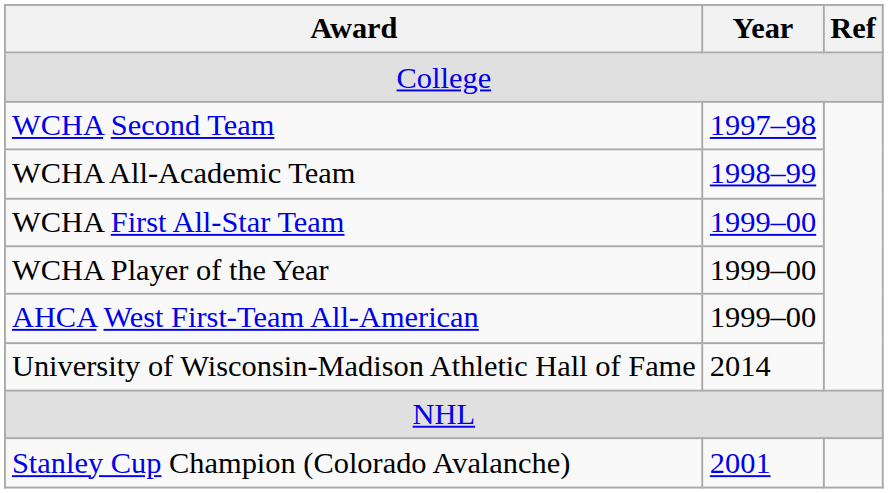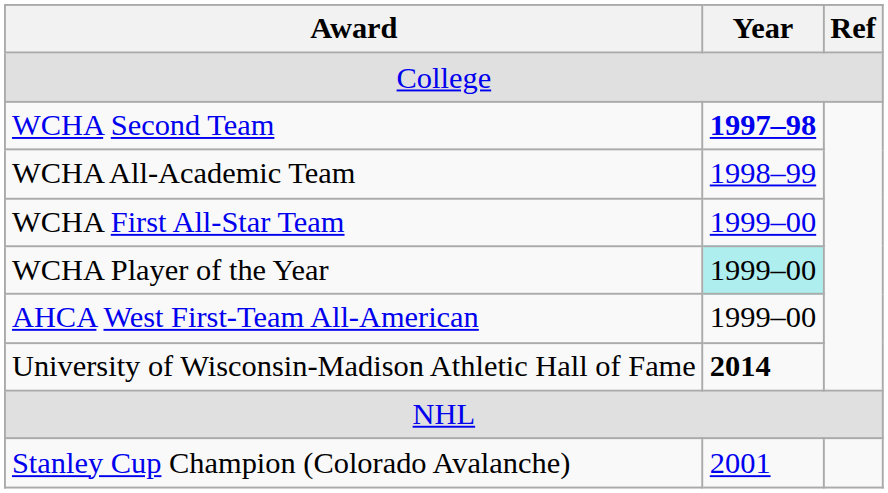 <table class="wikitable">
 <tr>
 <th>Award</th>
 <th>Year</th>
 <th>Ref</th>
 </tr>
 <tr ALIGN="center" bgcolor="#e0e0e0">
 <td colspan="3"><a href='#'>College</a></td>
 </tr>
 <tr>
 <td><a href='#'>WCHA</a> <a href='#'>Second Team</a></td>
-<td><a href='#'>1997–98</a></td>
+<td><strong><a href='#'>1997–98</a></strong></td>
 </tr>
 <tr>
 <td>WCHA All-Academic Team</td>
 <td><a href='#'>1998–99</a></td>
 </tr>
 <tr>
 <td>WCHA <a href='#'>First All-Star Team</a></td>
 <td><a href='#'>1999–00</a></td>
 </tr>
 <tr>
 <td>WCHA Player of the Year</td>
-<td>1999–00</td>
+<td style="background: paleturquoise;">1999–00</td>
 </tr>
 <tr>
 <td><a href='#'>AHCA</a> <a href='#'>West First-Team All-American</a></td>
 <td>1999–00</td>
 </tr>
 <tr>
 <td>University of Wisconsin-Madison Athletic Hall of Fame</td>
-<td>2014</td>
+<td><strong>2014</strong></td>
 </tr>
 <tr ALIGN="center" bgcolor="#e0e0e0">
 <td colspan="3"><a href='#'>NHL</a></td>
 </tr>
 <tr>
 <td><a href='#'>Stanley Cup</a> Champion (Colorado Avalanche)</td>
 <td><a href='#'>2001</a></td>
 <td></td>
 </tr>
 </table>
